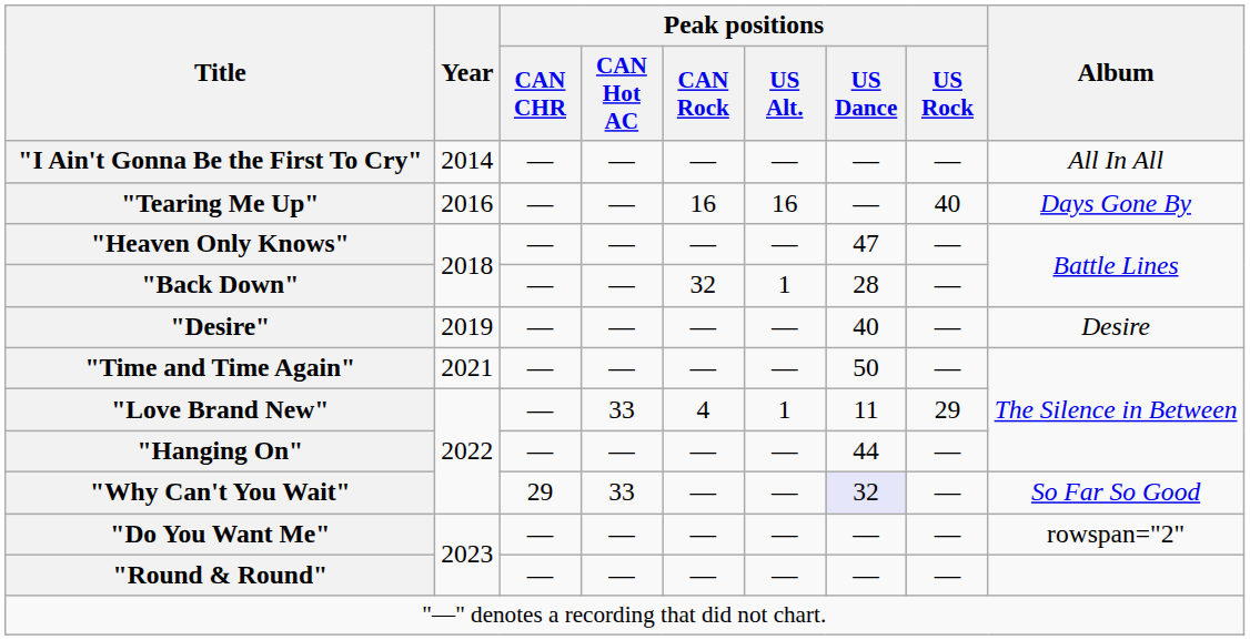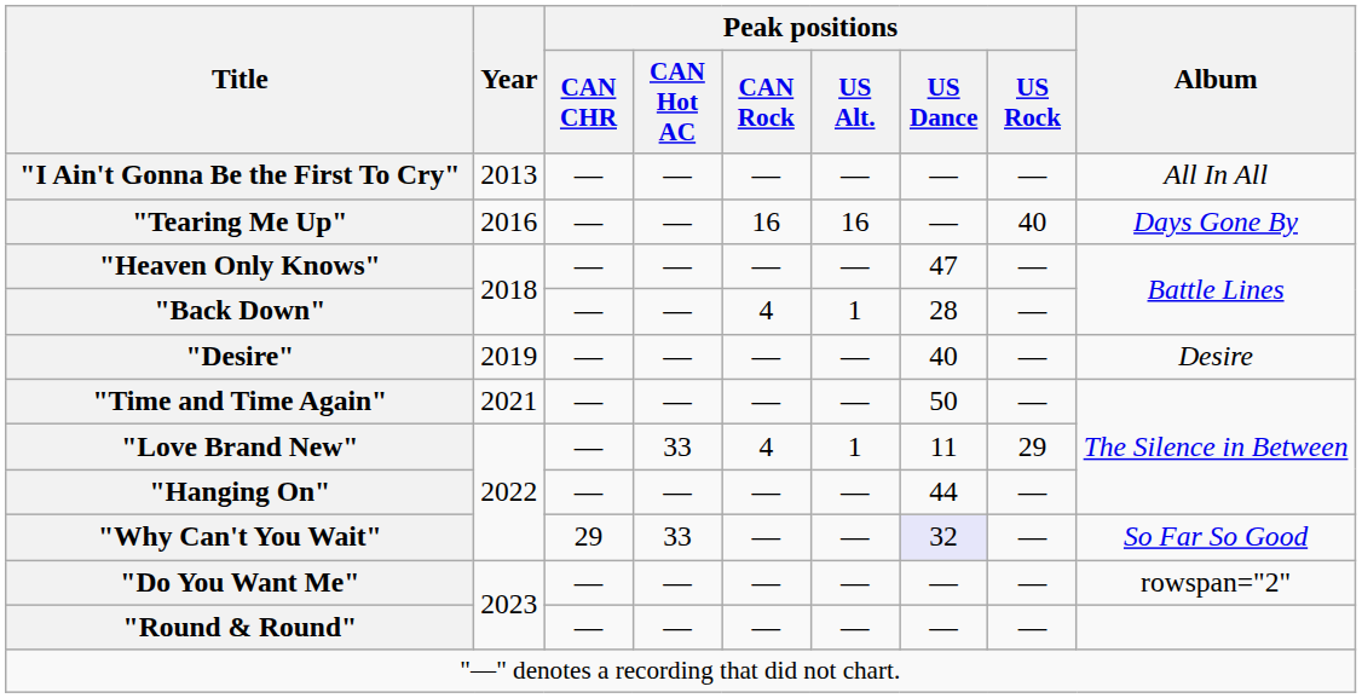 <table class="wikitable plainrowheaders" style="text-align:center;">
 <tr>
 <th scope="col" rowspan="2" style="width:16em;">Title</th>
 <th scope="col" rowspan="2">Year</th>
 <th scope="col" colspan="6">Peak positions</th>
 <th scope="col" rowspan="2">Album</th>
 </tr>
 <tr>
 <th scope="col" style="width:3em;font-size:90%;"><a href='#'>CAN<br>CHR</a><br></th>
 <th scope="col" style="width:3em;font-size:90%;"><a href='#'>CAN<br>Hot AC</a><br></th>
 <th scope="col" style="width:3em;font-size:90%;"><a href='#'>CAN<br>Rock</a><br></th>
 <th scope="col" style="width:3em;font-size:90%;"><a href='#'>US Alt.</a><br></th>
 <th scope="col" style="width:3em;font-size:90%;"><a href='#'>US Dance</a><br></th>
 <th scope="col" style="width:3em;font-size:90%;"><a href='#'>US Rock</a><br></th>
 </tr>
 <tr>
 <th scope="row">"I Ain't Gonna Be the First To Cry"</th>
-<td>2014</td>
+<td>2013</td>
 <td>—</td>
 <td>—</td>
 <td>—</td>
 <td>—</td>
 <td>—</td>
 <td>—</td>
 <td><em>All In All</em></td>
 </tr>
 <tr>
 <th scope="row">"Tearing Me Up"</th>
 <td>2016</td>
 <td>—</td>
 <td>—</td>
 <td>16</td>
 <td>16</td>
 <td>—</td>
 <td>40</td>
 <td><em><a href='#'>Days Gone By</a></em></td>
 </tr>
 <tr>
 <th scope="row">"Heaven Only Knows"</th>
 <td rowspan="2">2018</td>
 <td>—</td>
 <td>—</td>
 <td>—</td>
 <td>—</td>
 <td>47</td>
 <td>—</td>
 <td rowspan="2"><em><a href='#'>Battle Lines</a></em></td>
 </tr>
 <tr>
 <th scope="row">"Back Down"</th>
 <td>—</td>
 <td>—</td>
-<td>32</td>
+<td>4</td>
 <td>1</td>
 <td>28</td>
 <td>—</td>
 </tr>
 <tr>
 <th scope="row">"Desire"<br></th>
 <td>2019</td>
 <td>—</td>
 <td>—</td>
 <td>—</td>
 <td>—</td>
 <td>40</td>
 <td>—</td>
 <td><em>Desire</em></td>
 </tr>
 <tr>
 <th scope="row">"Time and Time Again"</th>
 <td>2021</td>
 <td>—</td>
 <td>—</td>
 <td>—</td>
 <td>—</td>
 <td>50</td>
 <td>—</td>
 <td rowspan="3"><em><a href='#'>The Silence in Between</a></em></td>
 </tr>
 <tr>
 <th scope="row">"Love Brand New"</th>
 <td rowspan="3">2022</td>
 <td>—</td>
 <td>33</td>
 <td>4</td>
 <td>1</td>
 <td>11</td>
 <td>29</td>
 </tr>
 <tr>
 <th scope="row">"Hanging On"</th>
 <td>—</td>
 <td>—</td>
 <td>—</td>
 <td>—</td>
 <td>44</td>
 <td>—</td>
 </tr>
 <tr>
 <th scope="row">"Why Can't You Wait"<br></th>
 <td>29</td>
 <td>33</td>
 <td>—</td>
 <td>—</td>
 <td style="background: lavender;">32</td>
 <td>—</td>
 <td><em><a href='#'>So Far So Good</a></em></td>
 </tr>
 <tr>
 <th scope="row">"Do You Want Me"<br></th>
 <td rowspan="2">2023</td>
 <td>—</td>
 <td>—</td>
 <td>—</td>
 <td>—</td>
 <td>—</td>
 <td>—</td>
 <td>rowspan="2" </td>
 </tr>
 <tr>
 <th scope="row">"Round & Round"</th>
 <td>—</td>
 <td>—</td>
 <td>—</td>
 <td>—</td>
 <td>—</td>
 <td>—</td>
 </tr>
 <tr>
 <td colspan="9" style="font-size:90%">"—" denotes a recording that did not chart.</td>
 </tr>
 </table>
